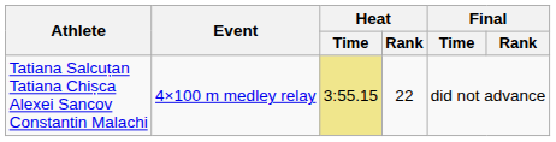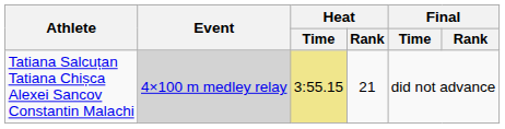 <table class="wikitable" style="text-align:center; font-size:90%">
 <tr>
 <th rowspan=2>Athlete</th>
 <th rowspan=2>Event</th>
 <th colspan=2>Heat</th>
 <th colspan=2>Final</th>
 </tr>
 <tr style="font-size:95%">
 <th>Time</th>
 <th>Rank</th>
 <th>Time</th>
 <th>Rank</th>
 </tr>
 <tr>
 <td align=left><a href='#'>Tatiana Salcuțan</a><br><a href='#'>Tatiana Chișca</a><br><a href='#'>Alexei Sancov</a><br><a href='#'>Constantin Malachi</a></td>
-<td align=left><a href='#'>4×100 m medley relay</a></td>
+<td align=left style="background: lightgrey;"><a href='#'>4×100 m medley relay</a></td>
 <td style="background: khaki;">3:55.15</td>
-<td>22</td>
+<td>21</td>
 <td colspan=2>did not advance</td>
 </tr>
 </table>
